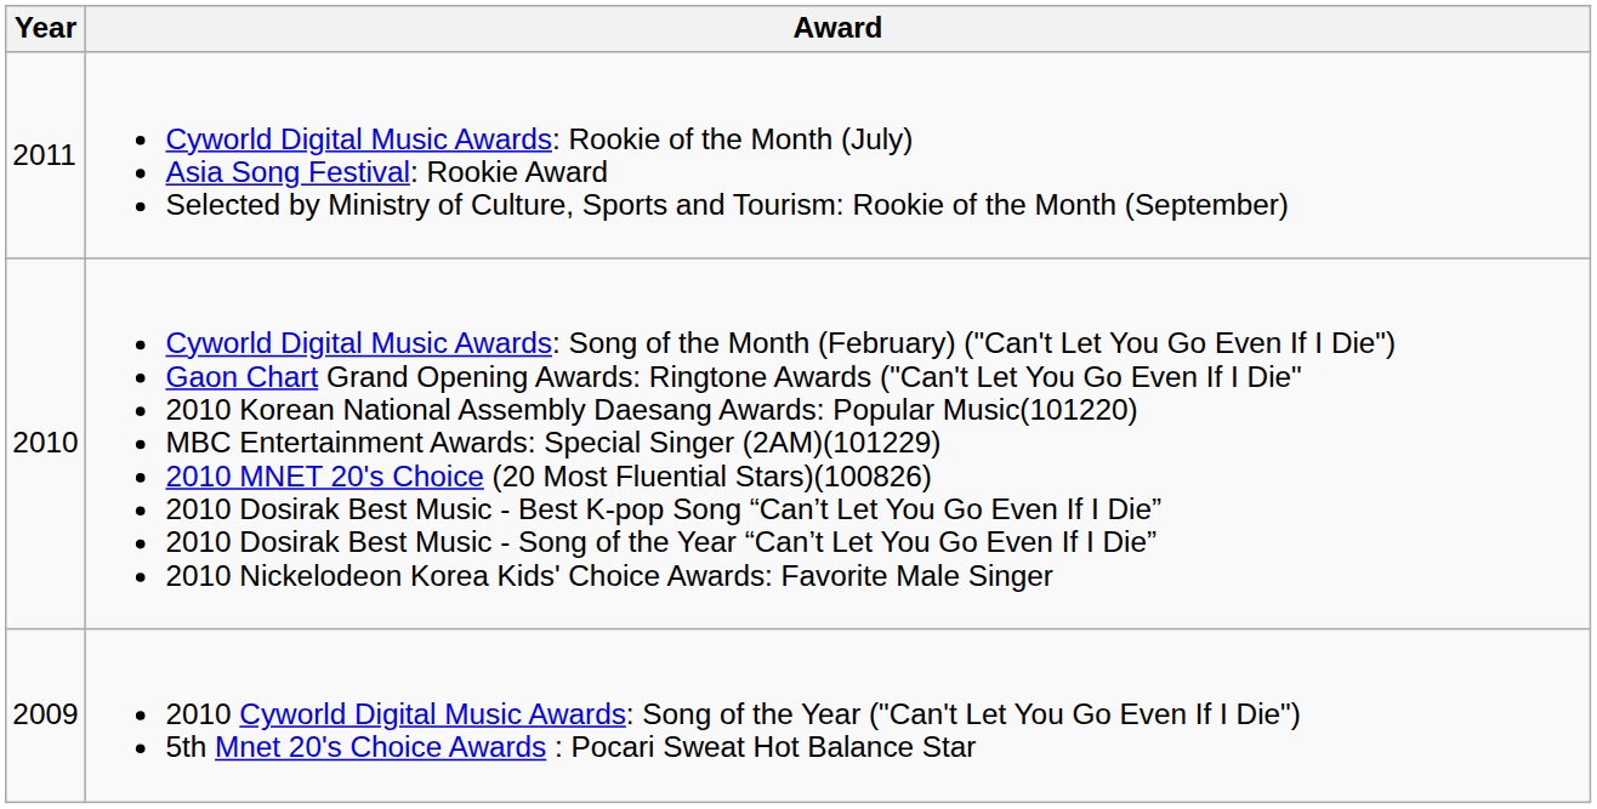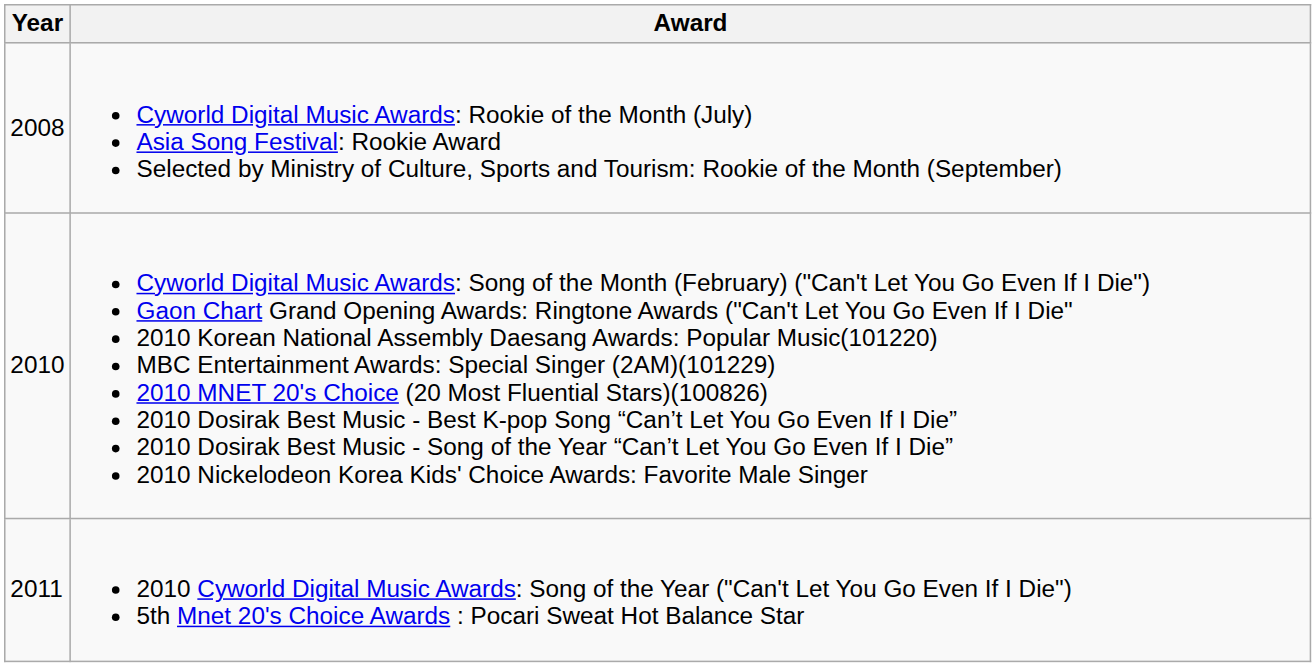 <table class="wikitable">
 <tr>
 <th width=5%>Year</th>
 <th width=95%>Award</th>
 </tr>
 <tr>
-<td>2011</td>
+<td>2008</td>
 <td><br><ul><li><a href='#'>Cyworld Digital Music Awards</a>: Rookie of the Month (July)</li><li><a href='#'>Asia Song Festival</a>: Rookie Award</li><li>Selected by Ministry of Culture, Sports and Tourism: Rookie of the Month (September)</li></ul></td>
 </tr>
 <tr>
 <td>2010</td>
 <td><br><ul><li><a href='#'>Cyworld Digital Music Awards</a>: Song of the Month (February) ("Can't Let You Go Even If I Die")</li><li><a href='#'>Gaon Chart</a> Grand Opening Awards: Ringtone Awards ("Can't Let You Go Even If I Die"</li><li>2010 Korean National Assembly Daesang Awards: Popular Music(101220)</li><li>MBC Entertainment Awards: Special Singer (2AM)(101229)</li><li><a href='#'>2010 MNET 20's Choice</a> (20 Most Fluential Stars)(100826)</li><li>2010 Dosirak Best Music - Best K-pop Song “Can’t Let You Go Even If I Die”</li><li>2010 Dosirak Best Music - Song of the Year “Can’t Let You Go Even If I Die”</li><li>2010 Nickelodeon Korea Kids' Choice Awards: Favorite Male Singer</li></ul></td>
 </tr>
 <tr>
-<td>2009</td>
+<td>2011</td>
 <td><br><ul><li>2010 <a href='#'>Cyworld Digital Music Awards</a>: Song of the Year ("Can't Let You Go Even If I Die")</li><li>5th <a href='#'>Mnet 20's Choice Awards</a> : Pocari Sweat Hot Balance Star</li></ul></td>
 </tr>
 </table>
